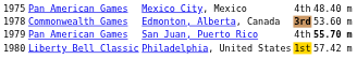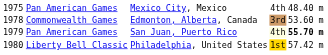 <table>
 <tr>
 <td>1975</td>
 <td><a href='#'>Pan American Games</a></td>
 <td><a href='#'>Mexico City</a>, Mexico</td>
 <td>4th</td>
 <td>48.40 m</td>
 </tr>
 <tr>
 <td>1978</td>
 <td><a href='#'>Commonwealth Games</a></td>
 <td><a href='#'>Edmonton, Alberta</a>, Canada</td>
-<td bgcolor=cc9966><strong>3rd</strong></td>
+<td bgcolor=cc9966>3rd</td>
 <td>53.60 m</td>
 </tr>
 <tr>
 <td>1979</td>
 <td><a href='#'>Pan American Games</a></td>
 <td><a href='#'>San Juan, Puerto Rico</a></td>
-<td>4th</td>
+<td style="background: lightyellow;">4th</td>
 <td><strong>55.70 m</strong></td>
 </tr>
 <tr>
 <td>1980</td>
 <td><a href='#'>Liberty Bell Classic</a></td>
 <td><a href='#'>Philadelphia</a>, United States</td>
 <td bgcolor=gold>1st</td>
 <td>57.42 m</td>
 </tr>
 </table>
